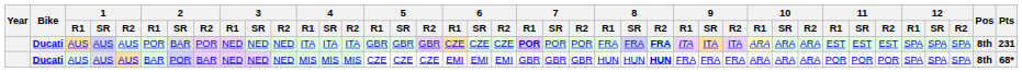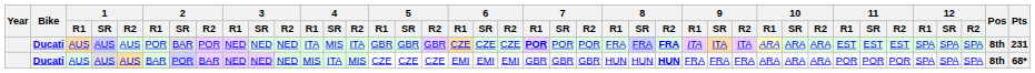 <table class="wikitable" style="text-align:center; font-size:90%;">
 <tr>
 <th rowspan="2">Year</th>
 <th rowspan="2">Bike</th>
 <th colspan="3">1</th>
 <th colspan="3">2</th>
 <th colspan="3">3</th>
 <th colspan="3">4</th>
 <th colspan="3">5</th>
 <th colspan="3">6</th>
 <th colspan="3">7</th>
 <th colspan="3">8</th>
 <th colspan="3">9</th>
 <th colspan="3">10</th>
 <th colspan="3">11</th>
 <th colspan="3">12</th>
 <th rowspan="2">Pos</th>
 <th rowspan="2">Pts</th>
 </tr>
 <tr>
 <th>R1</th>
 <th>SR</th>
 <th>R2</th>
 <th>R1</th>
 <th>SR</th>
 <th>R2</th>
 <th>R1</th>
 <th>SR</th>
 <th>R2</th>
 <th>R1</th>
 <th>SR</th>
 <th>R2</th>
 <th>R1</th>
 <th>SR</th>
 <th>R2</th>
 <th>R1</th>
 <th>SR</th>
 <th>R2</th>
 <th>R1</th>
 <th>SR</th>
 <th>R2</th>
 <th>R1</th>
 <th>SR</th>
 <th>R2</th>
 <th>R1</th>
 <th>SR</th>
 <th>R2</th>
 <th>R1</th>
 <th>SR</th>
 <th>R2</th>
 <th>R1</th>
 <th>SR</th>
 <th>R2</th>
 <th>R1</th>
 <th>SR</th>
 <th>R2</th>
 </tr>
 <tr>
 <th></th>
 <th><a href='#'>Ducati</a></th>
 <td style="background:#FFDF9F;"><a href='#'>AUS</a><br></td>
 <td style="background:#CFCFFF;"><a href='#'>AUS</a><br></td>
 <td style="background:#DFFFDF;"><a href='#'>AUS</a><br></td>
 <td style="background:#DFFFDF;"><a href='#'>POR</a><br></td>
 <td style="background:#DFDFDF;"><a href='#'>BAR</a><br></td>
 <td style="background:#EFCFFF;"><a href='#'>POR</a><br></td>
 <td style="background:#EFCFFF;"><a href='#'>NED</a><br></td>
 <td style="background:#DFFFDF;"><a href='#'>NED</a><br></td>
 <td style="background:#DFFFDF;"><a href='#'>NED</a><br></td>
 <td style="background:#DFFFDF;"><a href='#'>ITA</a><br></td>
-<td style="background:#DFFFDF;"><a href='#'>ITA</a><br></td>
+<td style="background:#DFFFDF;"><a href='#'>MIS</a><br></td>
 <td style="background:#DFFFDF;"><a href='#'>ITA</a><br></td>
 <td style="background:#DFFFDF;"><a href='#'>GBR</a><br></td>
 <td style="background:#DFFFDF;"><a href='#'>GBR</a><br></td>
 <td style="background:#EFCFFF;"><a href='#'>GBR</a><br></td>
 <td style="background:#FFDF9F;"><a href='#'>CZE</a><br></td>
 <td style="background:#DFFFDF;"><a href='#'>CZE</a><br></td>
 <td style="background:#DFFFDF;"><a href='#'>CZE</a><br></td>
 <td style="background:#EFCFFF;"><strong><a href='#'>POR</a><br></strong></td>
 <td style="background:#DFFFDF;"><a href='#'>POR</a><br></td>
 <td style="background:#DFFFDF;"><a href='#'>POR</a><br></td>
 <td style="background:#DFFFDF;"><a href='#'>FRA</a><br></td>
 <td style="background:#CFCFFF;"><a href='#'>FRA</a><br></td>
 <td style="background:#DFFFDF;"><strong><a href='#'>FRA</a><br></strong></td>
 <td style="background:#EFCFFF;"><em><a href='#'>ITA</a></em><br></td>
 <td style="background:#FFDF9F;"><a href='#'>ITA</a><br></td>
 <td style="background:#EFCFFF;"><a href='#'>ITA</a><br></td>
 <td style="background:#FFFFBF;"><em><a href='#'>ARA</a></em><br></td>
 <td style="background:#DFFFDF;"><a href='#'>ARA</a><br></td>
 <td style="background:#DFFFDF;"><a href='#'>ARA</a><br></td>
 <td style="background:#DFFFDF;"><a href='#'>EST</a><br></td>
 <td style="background:#DFFFDF;"><a href='#'>EST</a><br></td>
 <td style="background:#DFFFDF;"><a href='#'>EST</a><br></td>
 <td style="background:#DFFFDF;"><a href='#'>SPA</a><br></td>
 <td style="background:#DFFFDF;"><a href='#'>SPA</a><br></td>
 <td style="background:#DFFFDF;"><a href='#'>SPA</a><br></td>
 <th>8th</th>
 <th>231</th>
 </tr>
 <tr>
 <th></th>
 <th><a href='#'>Ducati</a></th>
 <td style="background:#DFFFDF;"><a href='#'>AUS</a><br></td>
 <td style="background:#DFDFDF;"><a href='#'>AUS</a><br></td>
 <td style="background:#FFDF9F;"><a href='#'>AUS</a><br></td>
 <td style="background:#DFFFDF;"><a href='#'>BAR</a><br></td>
 <td style="background:#CFCFFF;"><a href='#'>POR</a><br></td>
 <td style="background:#EFCFFF;"><a href='#'>BAR</a><br></td>
 <td style="background:#EFCFFF;"><a href='#'>NED</a><br></td>
 <td style="background:#EFCFFF;"><a href='#'>NED</a><br></td>
 <td style="background:#DFFFDF;"><a href='#'>NED</a><br></td>
 <td style="background:#DFFFDF;"><a href='#'>MIS</a><br></td>
-<td style="background:#DFFFDF;"><a href='#'>MIS</a><br></td>
+<td style="background:#DFFFDF;"><a href='#'>ITA</a><br></td>
 <td style="background:#DFFFDF;"><a href='#'>MIS</a><br></td>
 <td style="background:#FFFFFF;"><a href='#'>CZE</a><br></td>
 <td style="background:#FFFFFF;"><a href='#'>CZE</a><br></td>
 <td style="background:#FFFFFF;"><a href='#'>CZE</a><br></td>
 <td style="background:#;"><a href='#'>EMI</a><br></td>
 <td style="background:#;"><a href='#'>EMI</a><br></td>
 <td style="background:#;"><a href='#'>EMI</a><br></td>
 <td style="background:#;"><a href='#'>GBR</a><br></td>
 <td style="background:#;"><a href='#'>GBR</a><br></td>
 <td style="background:#;"><a href='#'>GBR</a><br></td>
 <td style="background:#;"><a href='#'>HUN</a><br></td>
 <td style="background:#;"><a href='#'>HUN</a><br></td>
 <td style="background:#;"><strong><a href='#'>HUN</a><br></strong></td>
 <td style="background:#;"><a href='#'>FRA</a><br></td>
 <td style="background:#;"><a href='#'>FRA</a><br></td>
 <td style="background:#;"><a href='#'>FRA</a><br></td>
 <td style="background:#;"><a href='#'>ARA</a><br></td>
 <td style="background:#;"><a href='#'>ARA</a><br></td>
 <td style="background:#;"><a href='#'>ARA</a><br></td>
 <td style="background:#;"><a href='#'>POR</a><br></td>
 <td style="background:#;"><a href='#'>POR</a><br></td>
 <td style="background:#;"><a href='#'>POR</a><br></td>
 <td style="background:#;"><a href='#'>SPA</a><br></td>
 <td style="background:#;"><a href='#'>SPA</a><br></td>
 <td style="background:#;"><a href='#'>SPA</a><br></td>
 <th style="background:#;">8th</th>
 <th style="background:#;">68*</th>
 </tr>
 </table>
